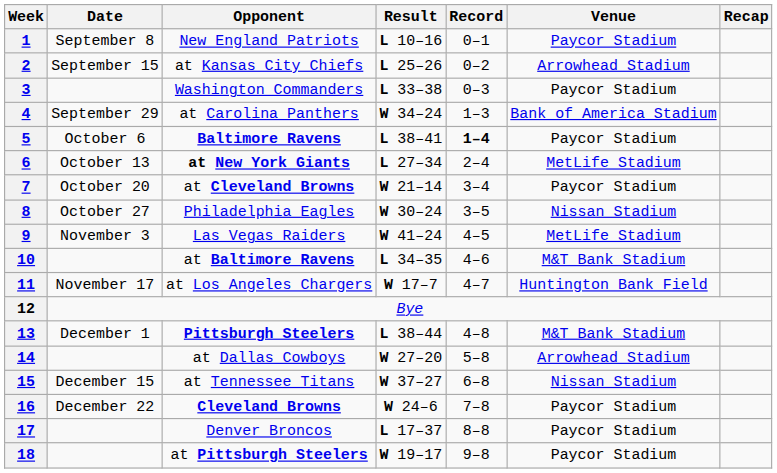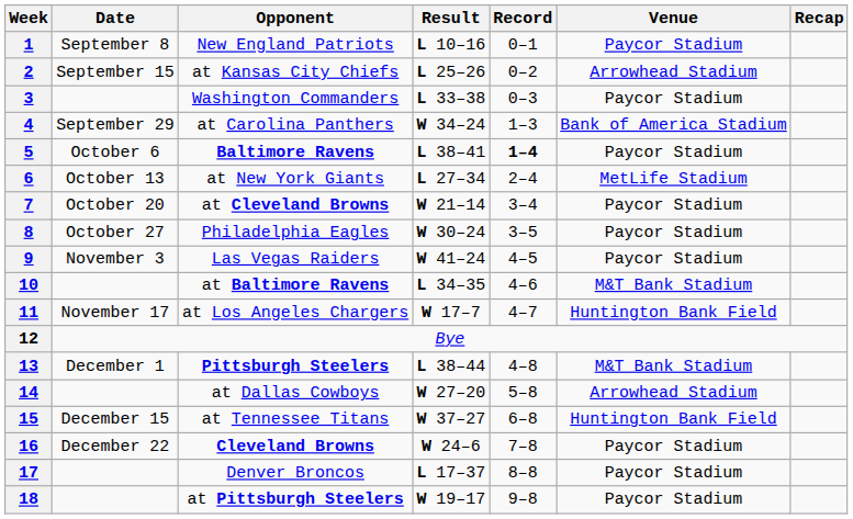 <table class="wikitable" style="text-align:center">
 <tr>
 <th>Week</th>
 <th>Date</th>
 <th>Opponent</th>
 <th>Result</th>
 <th>Record</th>
 <th>Venue</th>
 <th>Recap</th>
 </tr>
 <tr>
 <th><a href='#'>1</a></th>
 <td>September 8</td>
 <td><a href='#'>New England Patriots</a></td>
 <td><strong>L</strong> 10–16</td>
 <td>0–1</td>
 <td><a href='#'>Paycor Stadium</a></td>
 <td></td>
 </tr>
 <tr>
 <th><a href='#'>2</a></th>
 <td>September 15</td>
 <td>at <a href='#'>Kansas City Chiefs</a></td>
 <td><strong>L</strong> 25–26</td>
 <td>0–2</td>
 <td><a href='#'>Arrowhead Stadium</a></td>
 <td></td>
 </tr>
 <tr>
 <th><a href='#'>3</a></th>
 <td></td>
 <td><a href='#'>Washington Commanders</a></td>
 <td><strong>L</strong> 33–38</td>
 <td>0–3</td>
 <td>Paycor Stadium</td>
 <td></td>
 </tr>
 <tr>
 <th><a href='#'>4</a></th>
 <td>September 29</td>
 <td>at <a href='#'>Carolina Panthers</a></td>
 <td><strong>W</strong> 34–24</td>
 <td>1–3</td>
 <td><a href='#'>Bank of America Stadium</a></td>
 <td></td>
 </tr>
 <tr>
 <th><a href='#'>5</a></th>
 <td>October 6</td>
 <td><strong><a href='#'>Baltimore Ravens</a></strong></td>
 <td><strong>L</strong> 38–41 </td>
 <td><strong>1–4</strong></td>
 <td>Paycor Stadium</td>
 <td></td>
 </tr>
 <tr>
 <th><a href='#'>6</a></th>
 <td>October 13</td>
-<td><strong>at <a href='#'>New York Giants</a></strong></td>
+<td>at <a href='#'>New York Giants</a></td>
 <td><strong>L</strong> 27–34</td>
 <td>2–4</td>
 <td><a href='#'>MetLife Stadium</a></td>
 <td></td>
 </tr>
 <tr>
 <th><a href='#'>7</a></th>
 <td>October 20</td>
 <td>at <strong><a href='#'>Cleveland Browns</a></strong></td>
 <td><strong>W</strong> 21–14</td>
 <td>3–4</td>
 <td>Paycor Stadium</td>
 <td></td>
 </tr>
 <tr>
 <th><a href='#'>8</a></th>
 <td>October 27</td>
 <td><a href='#'>Philadelphia Eagles</a></td>
 <td><strong>W</strong> 30–24 </td>
 <td>3–5</td>
-<td><a href='#'>Nissan Stadium</a></td>
+<td>Paycor Stadium</td>
 <td></td>
 </tr>
 <tr>
 <th><a href='#'>9</a></th>
 <td>November 3</td>
 <td><a href='#'>Las Vegas Raiders</a></td>
 <td><strong>W</strong> 41–24</td>
 <td>4–5</td>
-<td><a href='#'>MetLife Stadium</a></td>
+<td>Paycor Stadium</td>
 <td></td>
 </tr>
 <tr>
 <th><a href='#'>10</a></th>
 <td></td>
 <td>at <strong><a href='#'>Baltimore Ravens</a></strong></td>
 <td><strong>L</strong> 34–35</td>
 <td>4–6</td>
 <td><a href='#'>M&T Bank Stadium</a></td>
 <td></td>
 </tr>
 <tr>
 <th><a href='#'>11</a></th>
 <td>November 17</td>
 <td>at <a href='#'>Los Angeles Chargers</a></td>
 <td><strong>W</strong> 17–7</td>
 <td>4–7</td>
 <td><a href='#'>Huntington Bank Field</a></td>
 <td></td>
 </tr>
 <tr>
 <th>12</th>
 <td colspan="6"><em><a href='#'>Bye</a></em></td>
 </tr>
 <tr>
 <th><a href='#'>13</a></th>
 <td>December 1</td>
 <td><strong><a href='#'>Pittsburgh Steelers</a></strong></td>
 <td><strong>L</strong> 38–44</td>
 <td>4–8</td>
 <td><a href='#'>M&T Bank Stadium</a></td>
 <td></td>
 </tr>
 <tr>
 <th><a href='#'>14</a></th>
 <td></td>
 <td>at <a href='#'>Dallas Cowboys</a></td>
 <td><strong>W</strong> 27–20</td>
 <td>5–8</td>
 <td><a href='#'>Arrowhead Stadium</a></td>
 <td></td>
 </tr>
 <tr>
 <th><a href='#'>15</a></th>
 <td>December 15</td>
 <td>at <a href='#'>Tennessee Titans</a></td>
 <td><strong>W</strong> 37–27</td>
 <td>6–8</td>
-<td><a href='#'>Nissan Stadium</a></td>
+<td><a href='#'>Huntington Bank Field</a></td>
 <td></td>
 </tr>
 <tr>
 <th><a href='#'>16</a></th>
 <td>December 22</td>
 <td><strong><a href='#'>Cleveland Browns</a></strong></td>
 <td><strong>W</strong> 24–6</td>
 <td>7–8</td>
 <td>Paycor Stadium</td>
 <td></td>
 </tr>
 <tr>
 <th><a href='#'>17</a></th>
 <td></td>
 <td><a href='#'>Denver Broncos</a></td>
 <td><strong>L</strong> 17–37</td>
 <td>8–8</td>
 <td>Paycor Stadium</td>
 <td></td>
 </tr>
 <tr>
 <th><a href='#'>18</a></th>
 <td></td>
 <td>at <strong><a href='#'>Pittsburgh Steelers</a></strong></td>
 <td><strong>W</strong> 19–17</td>
 <td>9–8</td>
 <td>Paycor Stadium</td>
 <td></td>
 </tr>
 </table>
